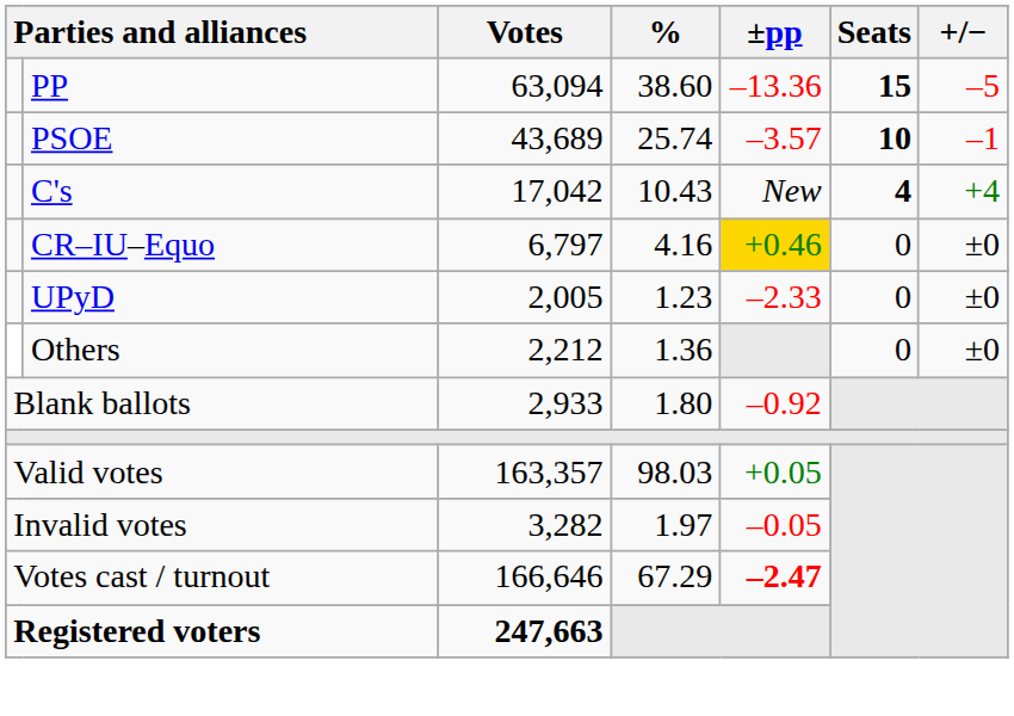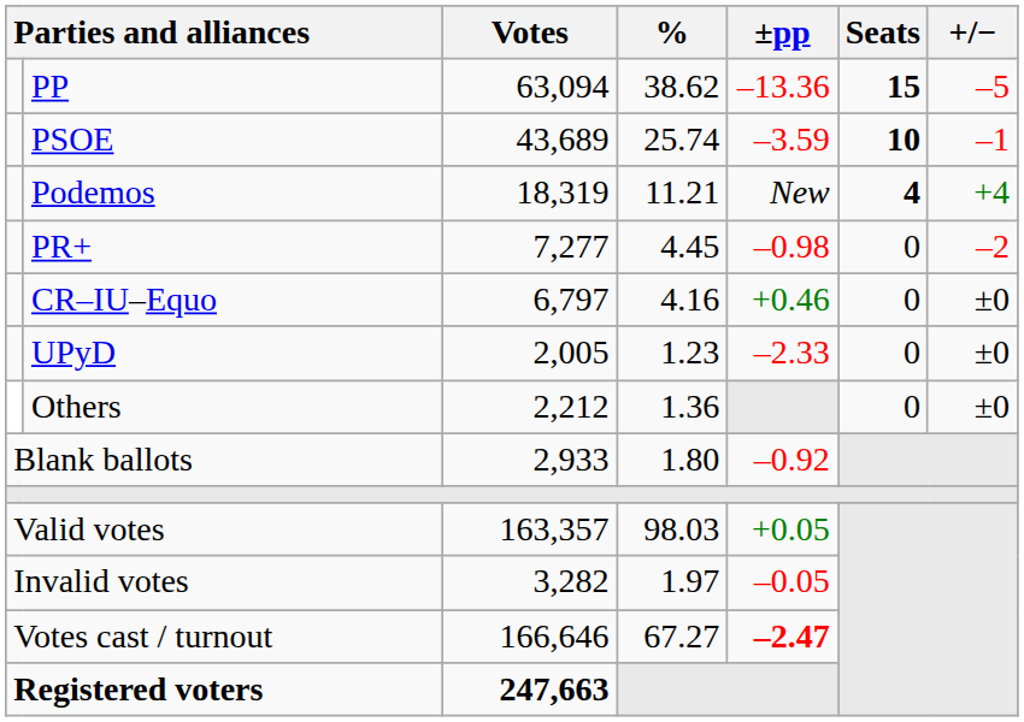 <table class="wikitable" style="text-align:right;">
 <tr>
 <th style="text-align:left;" colspan="2" width="200">Parties and alliances</th>
 <th width="75">Votes</th>
 <th width="45">%</th>
 <th width="45">±<a href='#'>pp</a></th>
 <th width="35">Seats</th>
 <th width="35">+/−</th>
 </tr>
 <tr>
 <td width="1" style="color:inherit;background:"></td>
 <td align="left"><a href='#'>PP</a></td>
 <td>63,094</td>
-<td>38.60</td>
+<td>38.62</td>
 <td style="color:red;">–13.36</td>
 <td><strong>15</strong></td>
 <td style="color:red;">–5</td>
 </tr>
 <tr>
 <td style="color:inherit;background:"></td>
 <td align="left"><a href='#'>PSOE</a></td>
 <td>43,689</td>
 <td>25.74</td>
-<td style="color:red;">–3.57</td>
+<td style="color:red;">–3.59</td>
 <td><strong>10</strong></td>
 <td style="color:red;">–1</td>
 </tr>
 <tr>
 <td style="color:inherit;background:"></td>
-<td align="left"><a href='#'>C's</a></td>
-<td>17,042</td>
-<td>10.43</td>
+<td align="left"><a href='#'>Podemos</a></td>
+<td>18,319</td>
+<td>11.21</td>
 <td><em>New</em></td>
 <td><strong>4</strong></td>
 <td style="color:green;">+4</td>
 </tr>
 <tr>
 <td style="color:inherit;background:"></td>
+<td align="left"><a href='#'>PR+</a></td>
+<td>7,277</td>
+<td>4.45</td>
+<td style="color:red;">–0.98</td>
+<td>0</td>
+<td style="color:red;">–2</td>
+</tr>
+<tr>
+<td style="color:inherit;background:"></td>
 <td align="left"><a href='#'>CR–IU</a>–<a href='#'>Equo</a></td>
 <td>6,797</td>
 <td>4.16</td>
-<td style="background: gold; color:green;">+0.46</td>
+<td style="color:green;">+0.46</td>
 <td>0</td>
 <td>±0</td>
 </tr>
 <tr>
 <td style="color:inherit;background:"></td>
 <td align="left"><a href='#'>UPyD</a></td>
 <td>2,005</td>
 <td>1.23</td>
 <td style="color:red;">–2.33</td>
 <td>0</td>
 <td>±0</td>
 </tr>
 <tr>
 <td bgcolor="white"></td>
 <td align="left">Others</td>
 <td>2,212</td>
 <td>1.36</td>
 <td bgcolor="#E9E9E9"></td>
 <td>0</td>
 <td>±0</td>
 </tr>
 <tr>
 <td align="left" colspan="2">Blank ballots</td>
 <td>2,933</td>
 <td>1.80</td>
 <td style="color:red;">–0.92</td>
 <td bgcolor="#E9E9E9" colspan="2"></td>
 </tr>
 <tr>
 <td colspan="7" bgcolor="#E9E9E9"></td>
 </tr>
 <tr>
 <td align="left" colspan="2">Valid votes</td>
 <td>163,357</td>
 <td>98.03</td>
 <td style="color:green;">+0.05</td>
 <td bgcolor="#E9E9E9" colspan="2" rowspan="4"></td>
 </tr>
 <tr>
 <td align="left" colspan="2">Invalid votes</td>
 <td>3,282</td>
 <td>1.97</td>
 <td style="color:red;">–0.05</td>
 </tr>
 <tr>
 <td align="left" colspan="2">Votes cast / turnout</td>
 <td>166,646</td>
-<td>67.29</td>
+<td>67.27</td>
 <td style="color:red;"><strong>–2.47</strong></td>
 </tr>
 <tr style="font-weight:bold;">
 <td align="left" colspan="2">Registered voters</td>
 <td>247,663</td>
 <td bgcolor="#E9E9E9" colspan="2"></td>
 </tr>
 </table>
